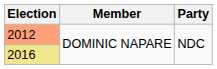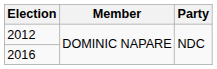 <table class="wikitable">
 <tr>
 <th>Election</th>
 <th>Member</th>
 <th>Party</th>
 </tr>
 <tr>
-<td style="background: lightsalmon;">2012</td>
+<td>2012</td>
 <td rowspan=2>DOMINIC NAPARE</td>
 <td rowspan=2>NDC</td>
 </tr>
 <tr>
-<td style="background: khaki;">2016</td>
+<td>2016</td>
 </tr>
 </table>
